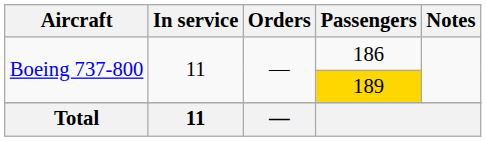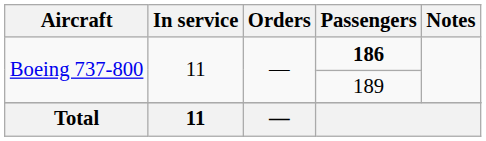 <table class="wikitable" style="text-align:center; margin:1em auto">
 <tr>
 <th>Aircraft</th>
 <th>In service</th>
 <th>Orders</th>
 <th>Passengers</th>
 <th>Notes</th>
 </tr>
 <tr>
 <td rowspan="2"><a href='#'>Boeing 737-800</a></td>
 <td rowspan="2">11</td>
 <td rowspan="2">—</td>
-<td>186</td>
+<td><strong>186</strong></td>
 <td rowspan="2"></td>
 </tr>
 <tr>
-<td style="background: gold;">189</td>
+<td>189</td>
 </tr>
 <tr>
 </tr>
 <tr>
 <th>Total</th>
 <th>11</th>
 <th>—</th>
 <th colspan="2"></th>
 </tr>
 </table>
